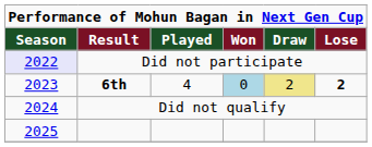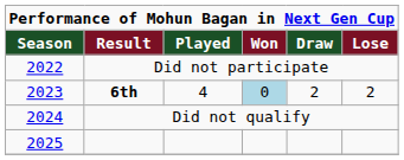 <table class="wikitable" margin-left:1em;float:center">
 <tr>
 <td colspan="6"><strong>Performance of Mohun Bagan in <a href='#'>Next Gen Cup</a></strong></td>
 </tr>
 <tr>
 <th style="background:#1A5026; color:white; text-align:center;">Season</th>
 <th style="background:#7A1024; color:white; text-align:center;">Result</th>
 <th style="background:#1A5026; color:white; text-align:center;">Played</th>
 <th style="background:#7A1024; color:white; text-align:center;">Won</th>
 <th style="background:#1A5026; color:white; text-align:center;">Draw</th>
 <th style="background:#7A1024; color:white; text-align:center;">Lose</th>
 </tr>
 <tr>
-<td style="background: lavender; text-align:center;"><a href='#'>2022</a></td>
+<td style="text-align:center;"><a href='#'>2022</a></td>
 <td colspan=5 style="text-align:center;">Did not participate</td>
 </tr>
 <tr>
 <td style="text-align:center"><a href='#'>2023</a></td>
 <td style="text-align:center"><strong>6th</strong></td>
 <td style="text-align:center">4</td>
 <td style="background: lightblue; text-align:center">0</td>
-<td style="background: khaki; text-align:center">2</td>
-<td style="text-align:center"><strong>2</strong></td>
+<td style="text-align:center">2</td>
+<td style="text-align:center">2</td>
 </tr>
 <tr>
 <td style="text-align:center;"><a href='#'>2024</a></td>
 <td colspan=5 style="text-align:center;">Did not qualify</td>
 </tr>
 <tr>
 <td style="text-align:center"><a href='#'>2025</a></td>
 <td style="text-align:center"></td>
 <td style="text-align:center"></td>
 <td style="text-align:center"></td>
 <td style="text-align:center"></td>
 <td style="text-align:center"></td>
 </tr>
 <tr>
 </tr>
 </table>
